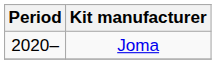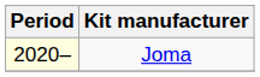 <table class="wikitable" style="text-align: center">
 <tr>
 <th>Period</th>
 <th>Kit manufacturer</th>
 </tr>
 <tr>
-<td>2020–</td>
+<td style="background: lightyellow;">2020–</td>
 <td><a href='#'>Joma</a></td>
 </tr>
 <tr>
 </tr>
 </table>
